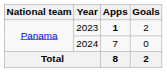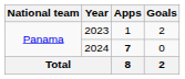 <table class=wikitable style=text-align:center>
 <tr>
 <th>National team</th>
 <th>Year</th>
 <th>Apps</th>
 <th>Goals</th>
 </tr>
 <tr>
 <td rowspan="2"><a href='#'>Panama</a></td>
 <td>2023</td>
-<td><strong>1</strong></td>
+<td>1</td>
 <td>2</td>
 </tr>
 <tr>
 <td>2024</td>
-<td>7</td>
+<td><strong>7</strong></td>
 <td>0</td>
 </tr>
 <tr>
 <th colspan="2">Total</th>
 <th>8</th>
 <th>2</th>
 </tr>
 </table>
